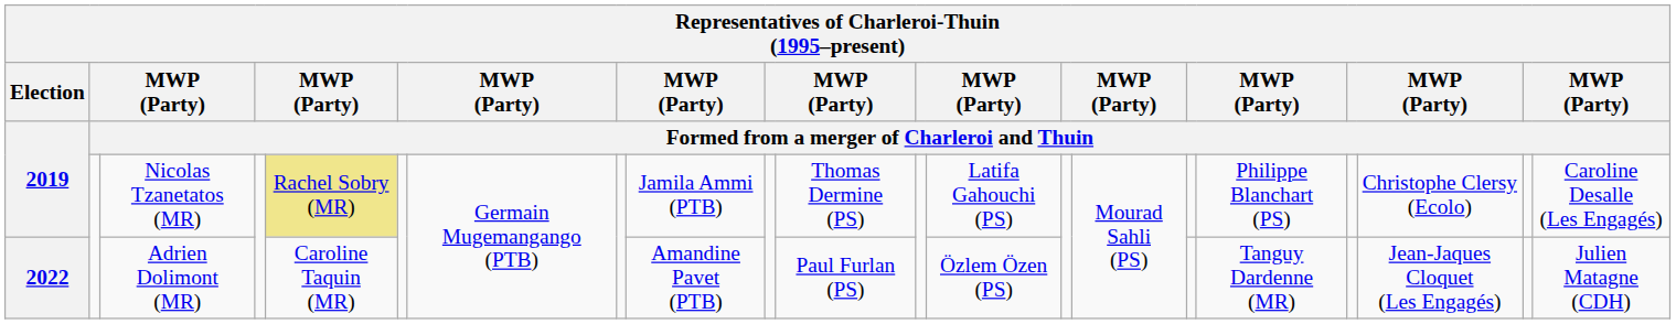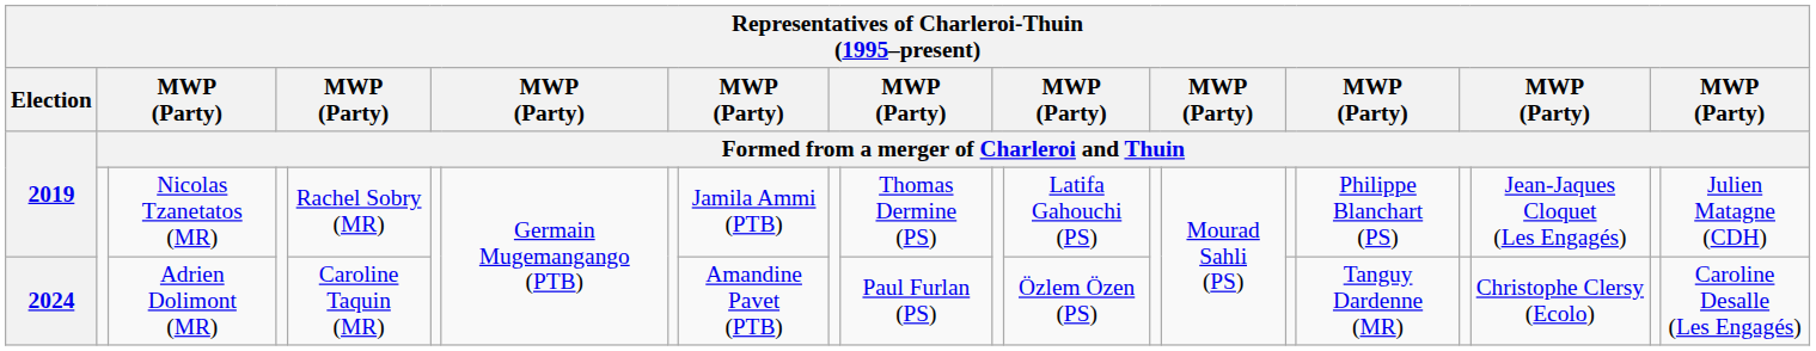 <table class="wikitable" style="text-align:center">
 <tr>
 <th colspan="21">Representatives of Charleroi-Thuin<br>(<a href='#'>1995</a>–present) </th>
 </tr>
 <tr>
 <th>Election</th>
 <th colspan=2>MWP<br>(Party)</th>
 <th colspan=2>MWP<br>(Party)</th>
 <th colspan=2>MWP<br>(Party)</th>
 <th colspan=2>MWP<br>(Party)</th>
 <th colspan=2>MWP<br>(Party)</th>
 <th colspan=2>MWP<br>(Party)</th>
 <th colspan=2>MWP<br>(Party)</th>
 <th colspan=2>MWP<br>(Party)</th>
 <th colspan=2>MWP<br>(Party)</th>
 <th colspan=2>MWP<br>(Party)</th>
 </tr>
 <tr>
 <th rowspan=2><a href='#'>2019</a></th>
 <th colspan=20>Formed from a merger of <a href='#'>Charleroi</a> and <a href='#'>Thuin</a></th>
 </tr>
 <tr>
 <td rowspan=2; style="background-color: "></td>
 <td><a href='#'>Nicolas Tzanetatos</a><br>(<a href='#'>MR</a>)</td>
 <td rowspan=2; style="background-color: "></td>
-<td style="background: khaki;"><a href='#'>Rachel Sobry</a><br>(<a href='#'>MR</a>)</td>
+<td><a href='#'>Rachel Sobry</a><br>(<a href='#'>MR</a>)</td>
 <td rowspan=2; style="background-color: "></td>
 <td rowspan=2><a href='#'>Germain Mugemangango</a><br>(<a href='#'>PTB</a>)</td>
 <td rowspan=2; style="background-color: "></td>
 <td><a href='#'>Jamila Ammi</a><br>(<a href='#'>PTB</a>)</td>
 <td rowspan=2; style="background-color: "></td>
 <td><a href='#'>Thomas Dermine</a><br>(<a href='#'>PS</a>)</td>
 <td rowspan=2; style="background-color: "></td>
 <td><a href='#'>Latifa Gahouchi</a><br>(<a href='#'>PS</a>)</td>
 <td rowspan=2; style="background-color: "></td>
 <td rowspan=2><a href='#'>Mourad Sahli</a><br>(<a href='#'>PS</a>)</td>
 <td rowspan=1; style="background-color: "></td>
 <td><a href='#'>Philippe Blanchart</a><br>(<a href='#'>PS</a>)</td>
 <td rowspan=1; style="background-color: "></td>
-<td><a href='#'>Christophe Clersy</a><br>(<a href='#'>Ecolo</a>)</td>
+<td><a href='#'>Jean-Jaques Cloquet</a><br>(<a href='#'>Les Engagés</a>)</td>
 <td rowspan=1; style="background-color: "></td>
-<td><a href='#'>Caroline Desalle</a><br>(<a href='#'>Les Engagés</a>)</td>
+<td><a href='#'>Julien Matagne</a><br>(<a href='#'>CDH</a>)</td>
 </tr>
 <tr>
-<th><a href='#'>2022</a></th>
+<th><a href='#'>2024</a></th>
 <td><a href='#'>Adrien Dolimont</a><br>(<a href='#'>MR</a>)</td>
 <td><a href='#'>Caroline Taquin</a><br>(<a href='#'>MR</a>)</td>
 <td><a href='#'>Amandine Pavet</a><br>(<a href='#'>PTB</a>)</td>
 <td><a href='#'>Paul Furlan</a><br>(<a href='#'>PS</a>)</td>
 <td><a href='#'>Özlem Özen</a><br>(<a href='#'>PS</a>)</td>
 <td rowspan=1; style="background-color: "></td>
 <td><a href='#'>Tanguy Dardenne</a><br>(<a href='#'>MR</a>)</td>
 <td rowspan=1; style="background-color: "></td>
-<td><a href='#'>Jean-Jaques Cloquet</a><br>(<a href='#'>Les Engagés</a>)</td>
+<td><a href='#'>Christophe Clersy</a><br>(<a href='#'>Ecolo</a>)</td>
 <td rowspan=1; style="background-color: "></td>
-<td><a href='#'>Julien Matagne</a><br>(<a href='#'>CDH</a>)</td>
+<td><a href='#'>Caroline Desalle</a><br>(<a href='#'>Les Engagés</a>)</td>
 </tr>
 </table>
